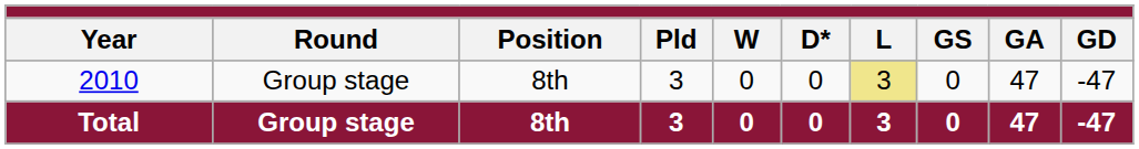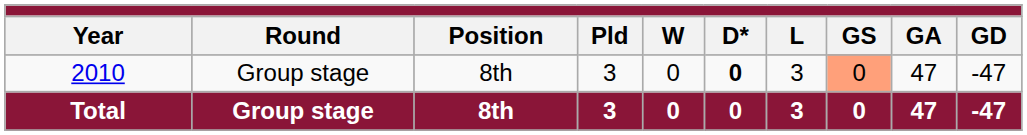 <table class="wikitable" style="text-align: center;font-size:90%;">
 <tr>
 <th colspan="10" style="background: #8A1538; color: #FFFFFF;"><a href='#'></a></th>
 </tr>
 <tr>
 <th width=125>Year</th>
 <th width=150>Round</th>
 <th width=100>Position</th>
 <th width=35>Pld</th>
 <th width=35>W</th>
 <th width=35>D*</th>
 <th width=35>L</th>
 <th width=35>GS</th>
 <th width=35>GA</th>
 <th width=35>GD</th>
 </tr>
 <tr>
 <td> <a href='#'>2010</a></td>
 <td>Group stage</td>
 <td>8th</td>
 <td>3</td>
 <td>0</td>
-<td>0</td>
-<td style="background: khaki;">3</td>
-<td>0</td>
+<td><strong>0</strong></td>
+<td>3</td>
+<td style="background: lightsalmon;">0</td>
 <td>47</td>
 <td>-47</td>
 </tr>
 <tr>
 <td colspan=1 style="background: #8A1538; color: #FFFFFF;"><strong>Total</strong></td>
 <td style="background: #8A1538; color: #FFFFFF;"><strong>Group stage</strong></td>
 <td style="background: #8A1538; color: #FFFFFF;"><strong>8th</strong></td>
 <td style="background: #8A1538; color: #FFFFFF;"><strong>3</strong></td>
 <td style="background: #8A1538; color: #FFFFFF;"><strong>0</strong></td>
 <td style="background: #8A1538; color: #FFFFFF;"><strong>0</strong></td>
 <td style="background: #8A1538; color: #FFFFFF;"><strong>3</strong></td>
 <td style="background: #8A1538; color: #FFFFFF;"><strong>0</strong></td>
 <td style="background: #8A1538; color: #FFFFFF;"><strong>47</strong></td>
 <td style="background: #8A1538; color: #FFFFFF;"><strong>-47</strong></td>
 </tr>
 </table>
